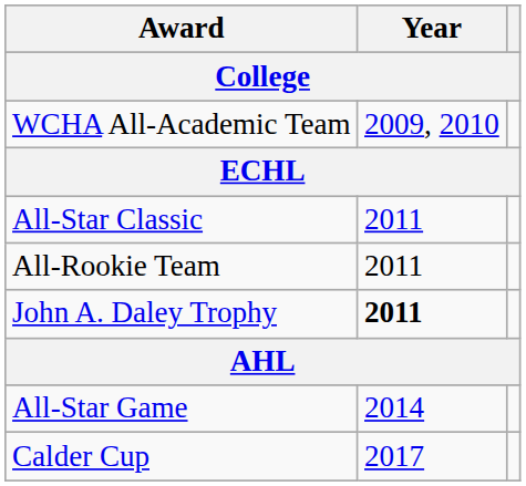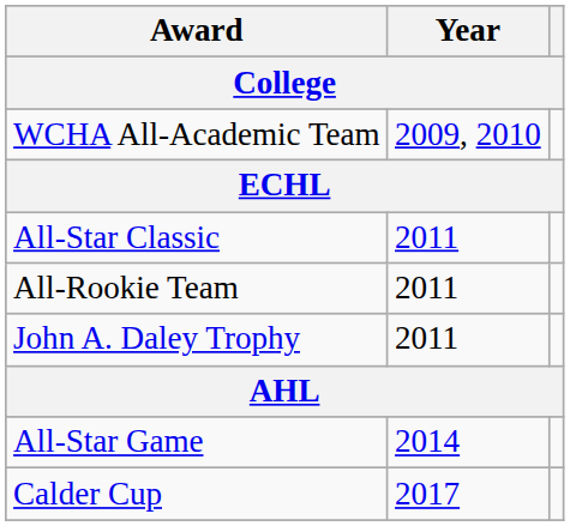 <table class="wikitable">
 <tr>
 <th>Award</th>
 <th>Year</th>
 <th></th>
 </tr>
 <tr>
 <th colspan="3"><a href='#'>College</a></th>
 </tr>
 <tr>
 <td><a href='#'>WCHA</a> All-Academic Team</td>
 <td><a href='#'>2009</a>, <a href='#'>2010</a></td>
 <td></td>
 </tr>
 <tr>
 <th colspan="3"><a href='#'>ECHL</a></th>
 </tr>
 <tr>
 <td><a href='#'>All-Star Classic</a></td>
 <td><a href='#'>2011</a></td>
 <td></td>
 </tr>
 <tr>
 <td>All-Rookie Team</td>
 <td>2011</td>
 <td></td>
 </tr>
 <tr>
 <td><a href='#'>John A. Daley Trophy</a></td>
-<td><strong>2011</strong></td>
+<td>2011</td>
 <td></td>
 </tr>
 <tr>
 <th colspan="3"><a href='#'>AHL</a></th>
 </tr>
 <tr>
 <td><a href='#'>All-Star Game</a></td>
 <td><a href='#'>2014</a></td>
 <td></td>
 </tr>
 <tr>
 <td><a href='#'>Calder Cup</a></td>
 <td><a href='#'>2017</a></td>
 <td></td>
 </tr>
 </table>
